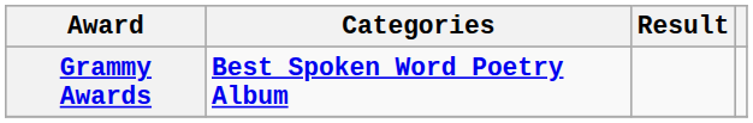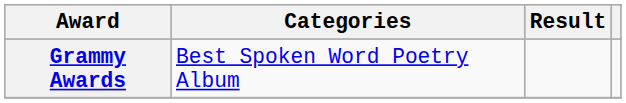 <table class="wikitable sortable plainrowheaders" style="width: 30%;">
 <tr>
 <th scope="col">Award</th>
 <th scope="col">Categories</th>
 <th scope="col">Result</th>
 <th class="unsortable" scope="col"></th>
 </tr>
 <tr>
 <th scope="row"><a href='#'>Grammy Awards</a></th>
-<td><strong><a href='#'>Best Spoken Word Poetry Album</a></strong></td>
+<td><a href='#'>Best Spoken Word Poetry Album</a></td>
 <td></td>
 <td style="text-align:center;"></td>
 </tr>
 <tr>
 </tr>
 </table>
